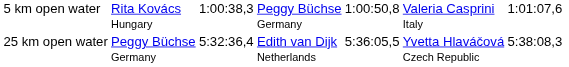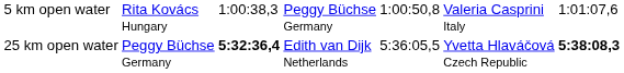 <table>
 <tr valign=top>
 <td>5 km open water</td>
 <td> <a href='#'>Rita Kovács</a><br><small>Hungary</small></td>
 <td>1:00:38,3</td>
 <td> <a href='#'>Peggy Büchse</a><br><small>Germany</small></td>
 <td>1:00:50,8</td>
 <td> <a href='#'>Valeria Casprini</a><br><small>Italy</small></td>
 <td>1:01:07,6</td>
 </tr>
 <tr valign=top>
 <td>25 km open water</td>
 <td> <a href='#'>Peggy Büchse</a><br><small>Germany</small></td>
-<td>5:32:36,4</td>
+<td><strong>5:32:36,4</strong></td>
 <td> <a href='#'>Edith van Dijk</a><br><small>Netherlands</small></td>
 <td>5:36:05,5</td>
 <td> <a href='#'>Yvetta Hlaváčová</a><br><small>Czech Republic</small></td>
-<td>5:38:08,3</td>
+<td><strong>5:38:08,3</strong></td>
 </tr>
 </table>
